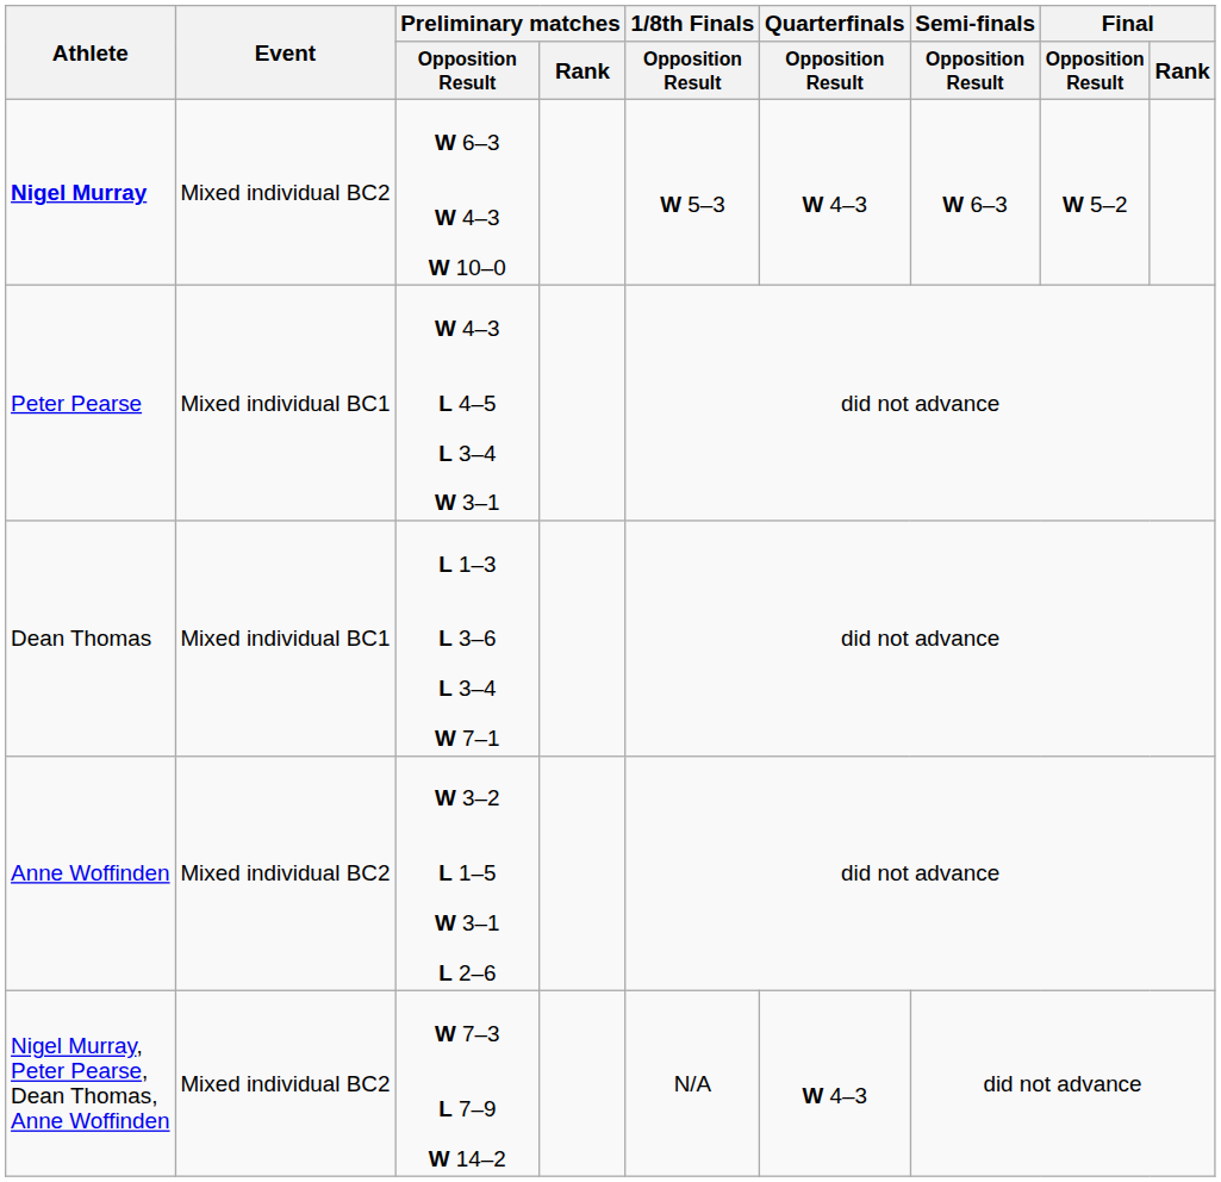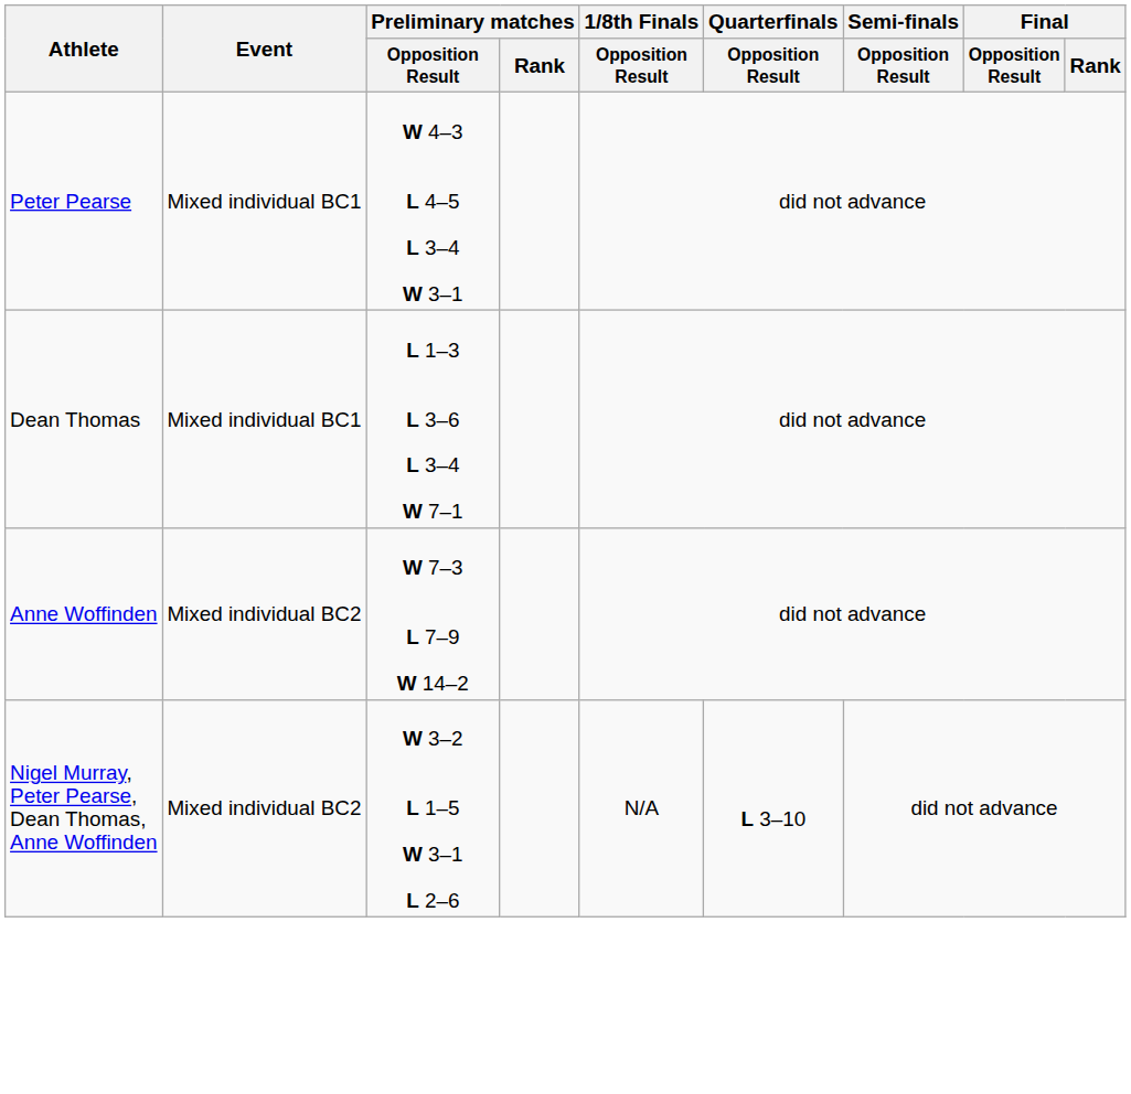 <table class=wikitable style="font-size:90%">
 <tr>
 <th rowspan="2">Athlete</th>
 <th rowspan="2">Event</th>
 <th colspan="2">Preliminary matches</th>
 <th>1/8th Finals</th>
 <th>Quarterfinals</th>
 <th>Semi-finals</th>
 <th colspan="2">Final</th>
 </tr>
 <tr>
 <th style="line-height:1em"><small>Opposition<br>Result</small></th>
 <th>Rank</th>
 <th style="line-height:1em"><small>Opposition<br>Result</small></th>
 <th style="line-height:1em"><small>Opposition<br>Result</small></th>
 <th style="line-height:1em"><small>Opposition<br>Result</small></th>
 <th style="line-height:1em"><small>Opposition<br>Result</small></th>
 <th>Rank</th>
 </tr>
 <tr>
-<td><strong><a href='#'>Nigel Murray</a></strong></td>
-<td>Mixed individual BC2</td>
-<td align="center"><br> <strong>W</strong> 6–3<br><br><br> <strong>W</strong> 4–3<br> <br> <strong>W</strong> 10–0<br></td>
-<td align="center"></td>
-<td align="center"><br> <strong>W</strong> 5–3<br></td>
-<td align="center"><br> <strong>W</strong> 4–3<br></td>
-<td align="center"><br> <strong>W</strong> 6–3<br></td>
-<td align="center"><br> <strong>W</strong> 5–2<br></td>
-<td align="center"></td>
-</tr>
-<tr>
 <td><a href='#'>Peter Pearse</a></td>
 <td>Mixed individual BC1</td>
 <td align="center"><br> <strong>W</strong> 4–3<br><br><br> <strong>L</strong> 4–5<br> <br> <strong>L</strong> 3–4<br> <br> <strong>W</strong> 3–1</td>
 <td align="center"></td>
 <td align="center" colspan=5>did not advance</td>
 </tr>
 <tr>
 <td>Dean Thomas</td>
 <td>Mixed individual BC1</td>
 <td align="center"><br> <strong>L</strong> 1–3<br><br><br> <strong>L</strong> 3–6<br> <br> <strong>L</strong> 3–4<br> <br> <strong>W</strong> 7–1</td>
 <td align="center"></td>
 <td align="center" colspan=5>did not advance</td>
 </tr>
 <tr>
 <td><a href='#'>Anne Woffinden</a></td>
 <td>Mixed individual BC2</td>
-<td align="center"><br> <strong>W</strong> 3–2<br><br><br> <strong>L</strong> 1–5<br> <br> <strong>W</strong> 3–1<br> <br> <strong>L</strong> 2–6</td>
+<td align="center"><br><strong>W</strong> 7–3<br><br><br><strong>L</strong> 7–9<br> <br><strong>W</strong> 14–2</td>
 <td align="center"></td>
 <td align="center" colspan=5>did not advance</td>
 </tr>
 <tr>
 <td><a href='#'>Nigel Murray</a>,<br><a href='#'>Peter Pearse</a>,<br>Dean Thomas,<br><a href='#'>Anne Woffinden</a></td>
 <td>Mixed individual BC2</td>
-<td align="center"><br><strong>W</strong> 7–3<br><br><br><strong>L</strong> 7–9<br> <br><strong>W</strong> 14–2</td>
+<td align="center"><br> <strong>W</strong> 3–2<br><br><br> <strong>L</strong> 1–5<br> <br> <strong>W</strong> 3–1<br> <br> <strong>L</strong> 2–6</td>
 <td align="center"></td>
 <td align="center">N/A</td>
-<td align="center"><br> <strong>W</strong> 4–3<br></td>
+<td align="center"><br><strong>L</strong> 3–10</td>
 <td align="center" colspan=3>did not advance</td>
 </tr>
 </table>
